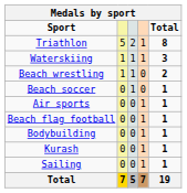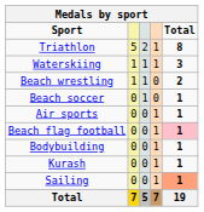 <table class="wikitable" style="font-size:95%; float:right;">
 <tr style="background:#efefef;">
 <th colspan=7>Medals by sport</th>
 </tr>
 <tr align=center>
 <td><strong>Sport</strong></td>
 <td style="background:#f7f6a8;"></td>
 <td style="background:#dce5e5;"></td>
 <td style="background:#ffdab9;"></td>
 <td><strong>Total</strong></td>
 </tr>
 <tr align=center>
 <td><a href='#'>Triathlon</a></td>
 <td style="background:#F7F6A8;">5</td>
 <td style="background:#DCE5E5;">2</td>
 <td style="background:#FFDAB9;">1</td>
 <td><strong>8</strong></td>
 </tr>
 <tr align=center>
 <td><a href='#'>Waterskiing</a></td>
 <td style="background:#F7F6A8;">1</td>
 <td style="background:#DCE5E5;">1</td>
 <td style="background:#FFDAB9;">1</td>
 <td><strong>3</strong></td>
 </tr>
 <tr align=center>
 <td><a href='#'>Beach wrestling</a></td>
 <td style="background:#F7F6A8;">1</td>
 <td style="background:#DCE5E5;">1</td>
 <td style="background:#FFDAB9;">0</td>
 <td><strong>2</strong></td>
 </tr>
 <tr align=center>
 <td><a href='#'>Beach soccer</a></td>
 <td style="background:#F7F6A8;">0</td>
 <td style="background:#DCE5E5;">1</td>
 <td style="background:#FFDAB9;">0</td>
 <td><strong>1</strong></td>
 </tr>
 <tr align=center>
 <td><a href='#'>Air sports</a></td>
 <td style="background:#F7F6A8;">0</td>
 <td style="background:#DCE5E5;">0</td>
 <td style="background:#FFDAB9;">1</td>
 <td><strong>1</strong></td>
 </tr>
 <tr align=center>
 <td><a href='#'>Beach flag football</a></td>
 <td style="background:#F7F6A8;">0</td>
 <td style="background:#DCE5E5;">0</td>
 <td style="background:#FFDAB9;">1</td>
-<td><strong>1</strong></td>
+<td style="background: pink;"><strong>1</strong></td>
 </tr>
 <tr align=center>
 <td><a href='#'>Bodybuilding</a></td>
 <td style="background:#F7F6A8;">0</td>
 <td style="background:#DCE5E5;">0</td>
 <td style="background:#FFDAB9;">1</td>
 <td><strong>1</strong></td>
 </tr>
 <tr align=center>
 <td><a href='#'>Kurash</a></td>
 <td style="background:#F7F6A8;">0</td>
 <td style="background:#DCE5E5;">0</td>
 <td style="background:#FFDAB9;">1</td>
 <td><strong>1</strong></td>
 </tr>
 <tr align=center>
 <td><a href='#'>Sailing</a></td>
 <td style="background:#F7F6A8;">0</td>
 <td style="background:#DCE5E5;">0</td>
 <td style="background:#FFDAB9;">1</td>
-<td><strong>1</strong></td>
+<td style="background: lightsalmon;"><strong>1</strong></td>
 </tr>
 <tr align=center>
 <th>Total</th>
 <th style="background:gold;">7</th>
 <th style="background:silver;">5</th>
 <th style="background:#c96;">7</th>
 <th>19</th>
 </tr>
 </table>
